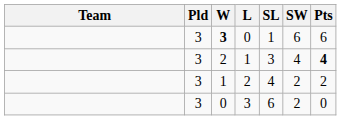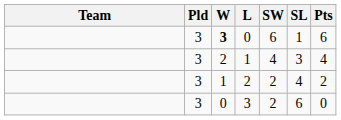 <table class=wikitable style="text-align:center">
 <tr>
 <th width=200>Team</th>
 <th width=20>Pld</th>
 <th width=20>W</th>
 <th width=20>L</th>
+<th width=20>SW</th>
 <th width=20>SL</th>
-<th width=20>SW</th>
 <th width=20>Pts</th>
 </tr>
 <tr bgcolor=>
 <td align=left></td>
 <td>3</td>
 <td><strong>3</strong></td>
 <td>0</td>
+<td>6</td>
 <td>1</td>
-<td>6</td>
 <td>6</td>
 </tr>
 <tr bgcolor=>
 <td align=left></td>
 <td>3</td>
 <td>2</td>
 <td>1</td>
+<td>4</td>
 <td>3</td>
 <td>4</td>
-<td><strong>4</strong></td>
 </tr>
 <tr bgcolor=>
 <td align=left></td>
 <td>3</td>
 <td>1</td>
 <td>2</td>
+<td>2</td>
 <td>4</td>
-<td>2</td>
 <td>2</td>
 </tr>
 <tr bgcolor=>
 <td align=left></td>
 <td>3</td>
 <td>0</td>
 <td>3</td>
+<td>2</td>
 <td>6</td>
-<td>2</td>
 <td>0</td>
 </tr>
 </table>
